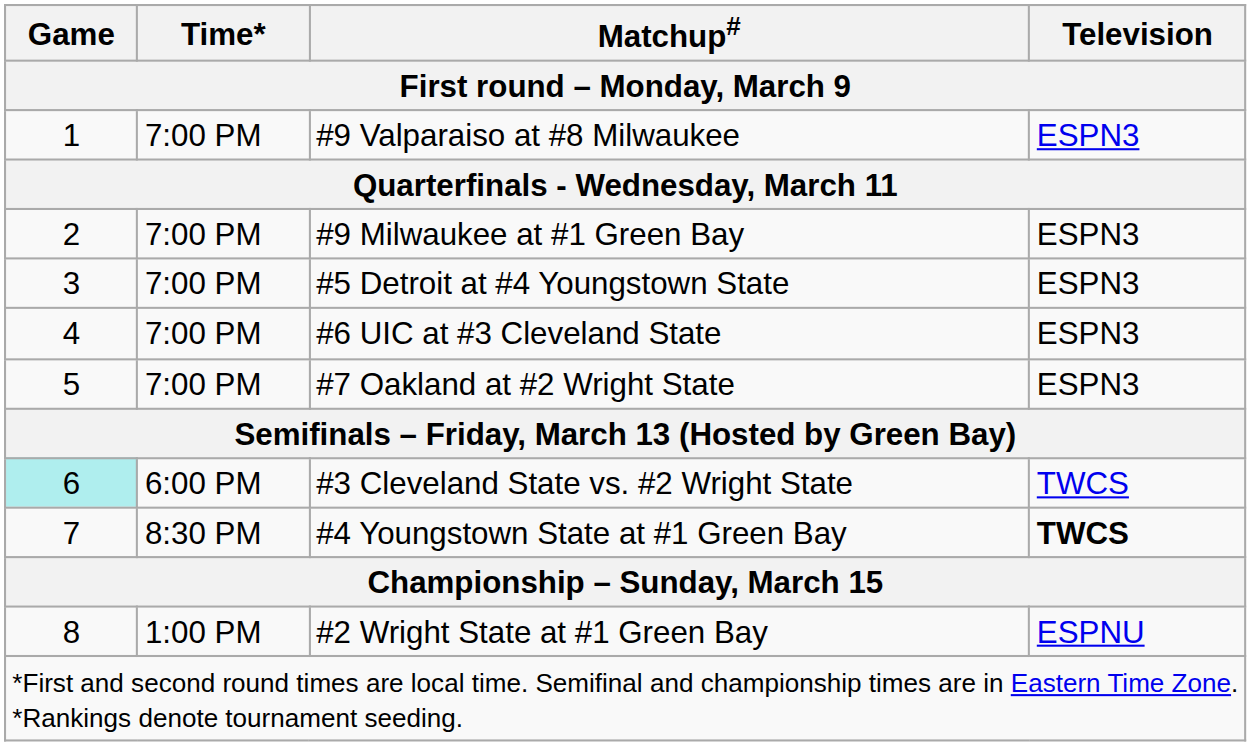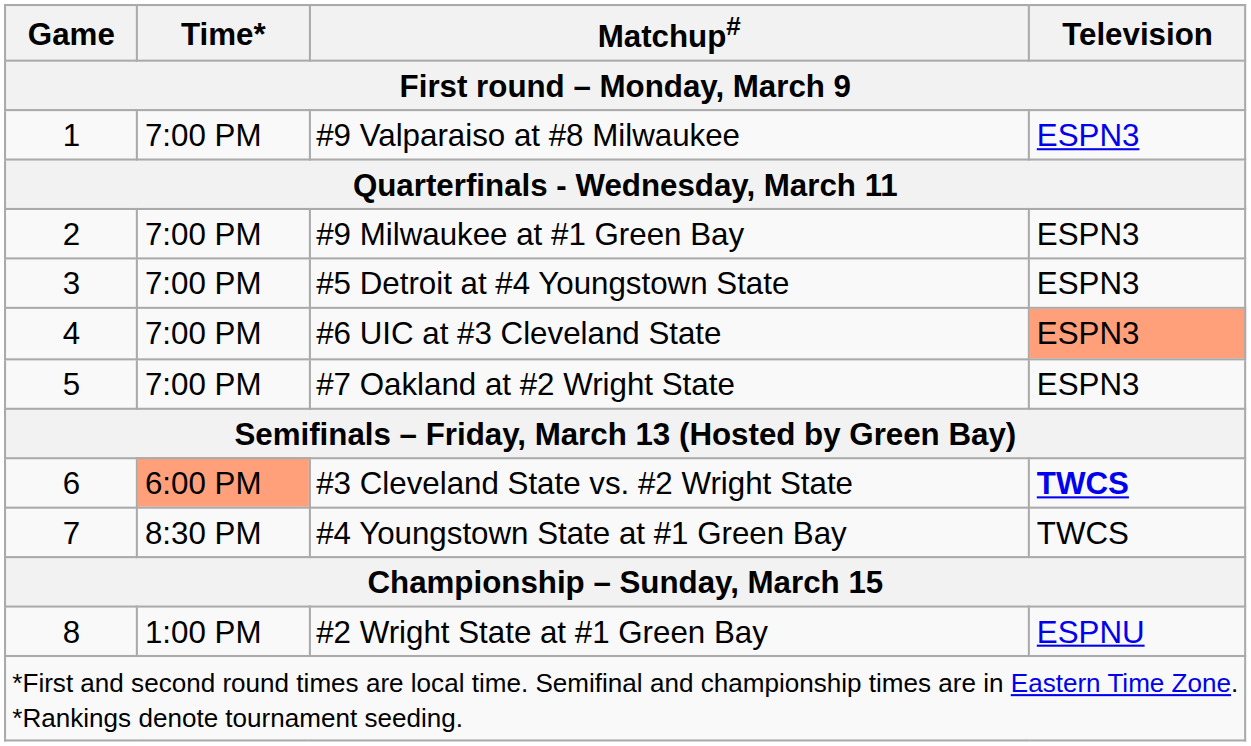 <table class="wikitable" style="font-size: 95%">
 <tr align="center">
 <th>Game</th>
 <th>Time*</th>
 <th>Matchup<sup>#</sup></th>
 <th>Television</th>
 </tr>
 <tr>
 <th colspan=4>First round – Monday, March 9</th>
 </tr>
 <tr>
 <td align=center>1</td>
 <td>7:00 PM</td>
 <td>#9 Valparaiso at #8 Milwaukee</td>
 <td><a href='#'>ESPN3</a></td>
 </tr>
 <tr>
 <th colspan=4>Quarterfinals - Wednesday, March 11</th>
 </tr>
 <tr>
 <td align=center>2</td>
 <td>7:00 PM</td>
 <td>#9 Milwaukee at #1 Green Bay</td>
 <td>ESPN3</td>
 </tr>
 <tr>
 <td align=center>3</td>
 <td>7:00 PM</td>
 <td>#5 Detroit at #4 Youngstown State</td>
 <td>ESPN3</td>
 </tr>
 <tr>
 <td align=center>4</td>
 <td>7:00 PM</td>
 <td>#6 UIC at #3 Cleveland State</td>
-<td>ESPN3</td>
+<td style="background: lightsalmon;">ESPN3</td>
 </tr>
 <tr>
 <td align=center>5</td>
 <td>7:00 PM</td>
 <td>#7 Oakland at #2 Wright State</td>
 <td>ESPN3</td>
 </tr>
 <tr>
 <th colspan=4>Semifinals – Friday, March 13 (Hosted by Green Bay)</th>
 </tr>
 <tr>
-<td align=center style="background: paleturquoise;">6</td>
-<td>6:00 PM</td>
+<td align=center>6</td>
+<td style="background: lightsalmon;">6:00 PM</td>
 <td>#3 Cleveland State vs. #2 Wright State</td>
-<td><a href='#'>TWCS</a></td>
+<td><strong><a href='#'>TWCS</a></strong></td>
 </tr>
 <tr>
 <td align=center>7</td>
 <td>8:30 PM</td>
 <td>#4 Youngstown State at #1 Green Bay</td>
-<td><strong>TWCS</strong></td>
+<td>TWCS</td>
 </tr>
 <tr>
 <th colspan=4>Championship – Sunday, March 15</th>
 </tr>
 <tr>
 <td align=center>8</td>
 <td>1:00 PM</td>
 <td>#2 Wright State at #1 Green Bay</td>
 <td><a href='#'>ESPNU</a></td>
 </tr>
 <tr>
 <td colspan=4><small>*First and second round times are local time. Semifinal and championship times are in <a href='#'>Eastern Time Zone</a>. <br>*Rankings denote tournament seeding.</small></td>
 </tr>
 </table>
